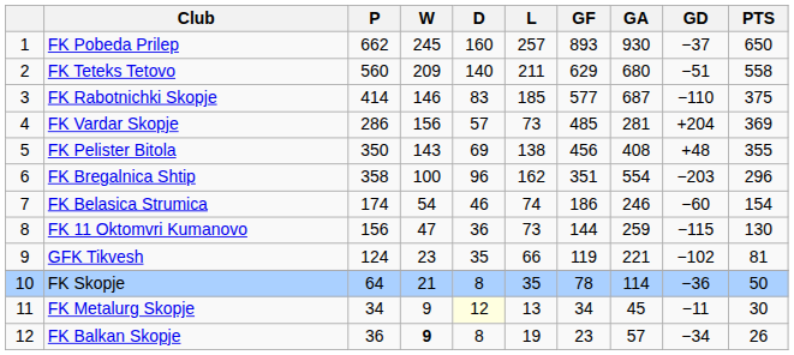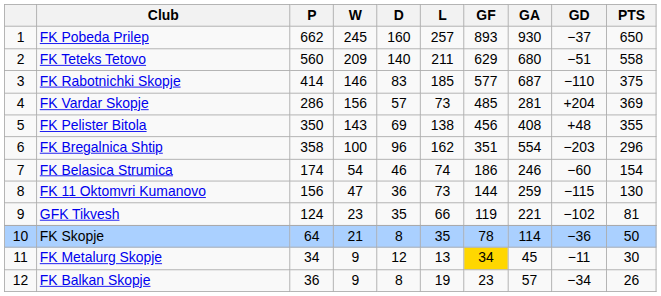 <table class="wikitable" style="text-align: center; width: 750px">
 <tr>
 <th></th>
 <th>Club</th>
 <th>P</th>
 <th>W</th>
 <th>D</th>
 <th>L</th>
 <th>GF</th>
 <th>GA</th>
 <th>GD</th>
 <th>PTS</th>
 </tr>
 <tr>
 <td>1</td>
 <td align="left"><a href='#'>FK Pobeda Prilep</a></td>
 <td>662</td>
 <td>245</td>
 <td>160</td>
 <td>257</td>
 <td>893</td>
 <td>930</td>
 <td>−37</td>
 <td>650</td>
 </tr>
 <tr>
 <td>2</td>
 <td align="left"><a href='#'>FK Teteks Tetovo</a></td>
 <td>560</td>
 <td>209</td>
 <td>140</td>
 <td>211</td>
 <td>629</td>
 <td>680</td>
 <td>−51</td>
 <td>558</td>
 </tr>
 <tr>
 <td>3</td>
 <td align="left"><a href='#'>FK Rabotnichki Skopje</a></td>
 <td>414</td>
 <td>146</td>
 <td>83</td>
 <td>185</td>
 <td>577</td>
 <td>687</td>
 <td>−110</td>
 <td>375</td>
 </tr>
 <tr>
 <td>4</td>
 <td align="left"><a href='#'>FK Vardar Skopje</a></td>
 <td>286</td>
 <td>156</td>
 <td>57</td>
 <td>73</td>
 <td>485</td>
 <td>281</td>
 <td>+204</td>
 <td>369</td>
 </tr>
 <tr>
 <td>5</td>
 <td align="left"><a href='#'>FK Pelister Bitola</a></td>
 <td>350</td>
 <td>143</td>
 <td>69</td>
 <td>138</td>
 <td>456</td>
 <td>408</td>
 <td>+48</td>
 <td>355</td>
 </tr>
 <tr>
 <td>6</td>
 <td align="left"><a href='#'>FK Bregalnica Shtip</a></td>
 <td>358</td>
 <td>100</td>
 <td>96</td>
 <td>162</td>
 <td>351</td>
 <td>554</td>
 <td>−203</td>
 <td>296</td>
 </tr>
 <tr>
 <td>7</td>
 <td align="left"><a href='#'>FK Belasica Strumica</a></td>
 <td>174</td>
 <td>54</td>
 <td>46</td>
 <td>74</td>
 <td>186</td>
 <td>246</td>
 <td>−60</td>
 <td>154</td>
 </tr>
 <tr>
 <td>8</td>
 <td align="left"><a href='#'>FK 11 Oktomvri Kumanovo</a></td>
 <td>156</td>
 <td>47</td>
 <td>36</td>
 <td>73</td>
 <td>144</td>
 <td>259</td>
 <td>−115</td>
 <td>130</td>
 </tr>
 <tr>
 <td>9</td>
 <td align="left"><a href='#'>GFK Tikvesh</a></td>
 <td>124</td>
 <td>23</td>
 <td>35</td>
 <td>66</td>
 <td>119</td>
 <td>221</td>
 <td>−102</td>
 <td>81</td>
 </tr>
 <tr>
 </tr>
 <tr bgcolor="#AAD0FF">
 <td>10</td>
 <td align="left">FK Skopje</td>
 <td>64</td>
 <td>21</td>
 <td>8</td>
 <td>35</td>
 <td>78</td>
 <td>114</td>
 <td>−36</td>
 <td>50</td>
 </tr>
 <tr>
 <td>11</td>
 <td align="left"><a href='#'>FK Metalurg Skopje</a></td>
 <td>34</td>
 <td>9</td>
-<td style="background: lightyellow;">12</td>
+<td>12</td>
 <td>13</td>
-<td>34</td>
+<td style="background: gold;">34</td>
 <td>45</td>
 <td>−11</td>
 <td>30</td>
 </tr>
 <tr>
 <td>12</td>
 <td align="left"><a href='#'>FK Balkan Skopje</a></td>
 <td>36</td>
-<td><strong>9</strong></td>
+<td>9</td>
 <td>8</td>
 <td>19</td>
 <td>23</td>
 <td>57</td>
 <td>−34</td>
 <td>26</td>
 </tr>
 </table>
